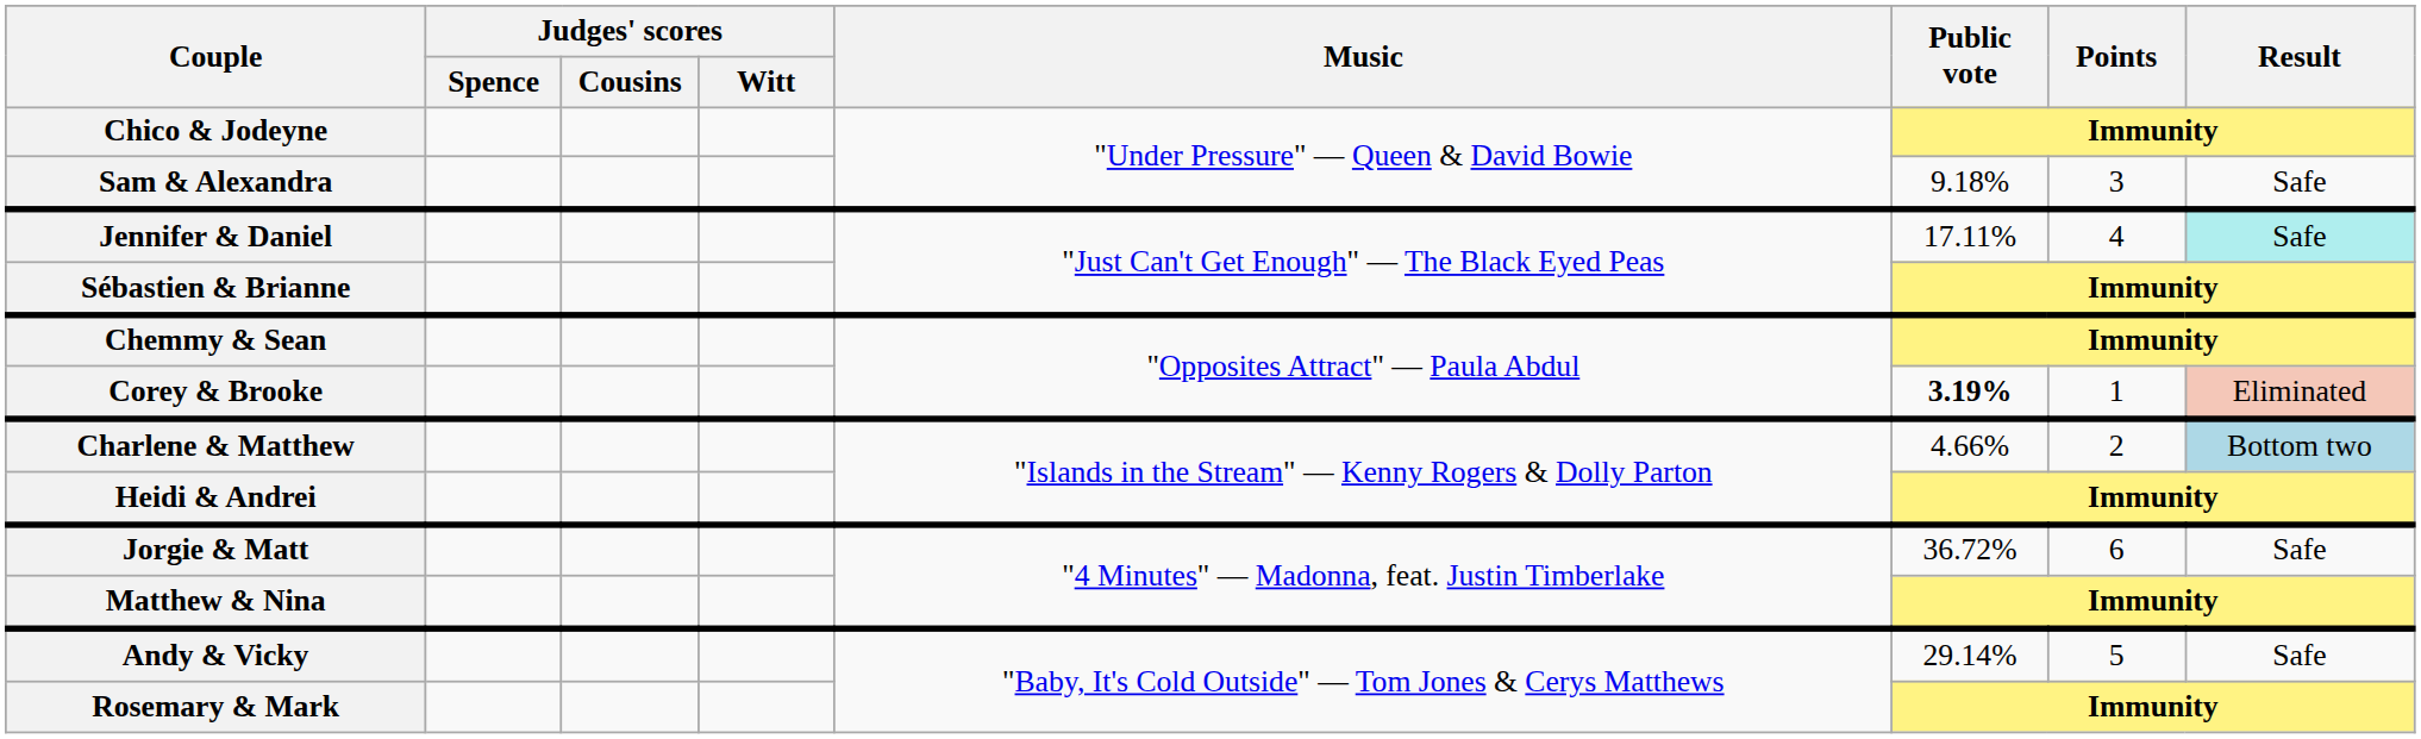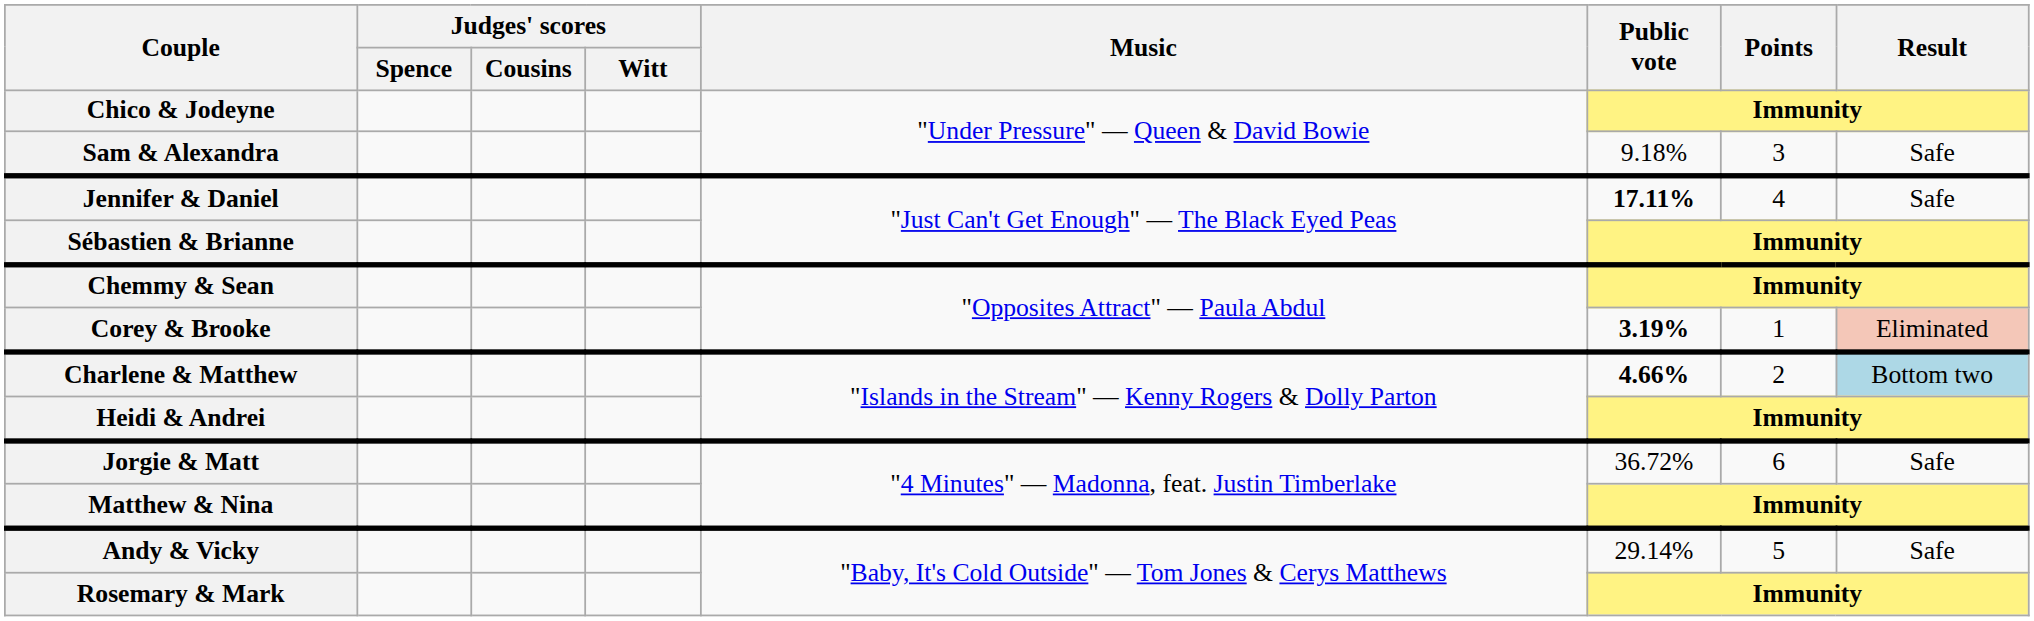 <table class="wikitable unsortable" style="text-align:center; font-size:90%; width:90%">
 <tr>
 <th scope="col" rowspan=2>Couple</th>
 <th scope="col" colspan=3>Judges' scores</th>
 <th scope="col" rowspan=2>Music</th>
 <th scope="col" rowspan=2>Public<br>vote</th>
 <th scope="col" rowspan=2>Points</th>
 <th scope="col" rowspan=2>Result</th>
 </tr>
 <tr>
 <th style="width:4em;">Spence</th>
 <th style="width:4em;">Cousins</th>
 <th style="width:4em;">Witt</th>
 </tr>
 <tr>
 <th scope="row">Chico & Jodeyne</th>
 <td></td>
 <td></td>
 <td></td>
 <td rowspan="2" scope="row">"<a href='#'>Under Pressure</a>" — <a href='#'>Queen</a> & <a href='#'>David Bowie</a></td>
 <td colspan="3" bgcolor="fff383"><strong>Immunity</strong></td>
 </tr>
 <tr>
 <th scope="row">Sam & Alexandra</th>
 <td></td>
 <td></td>
 <td></td>
 <td>9.18%</td>
 <td>3</td>
 <td>Safe</td>
 </tr>
 <tr style="border-top:3px solid">
 <th scope="row">Jennifer & Daniel</th>
 <td></td>
 <td></td>
 <td></td>
 <td rowspan="2" scope="row">"<a href='#'>Just Can't Get Enough</a>" — <a href='#'>The Black Eyed Peas</a></td>
-<td>17.11%</td>
+<td><strong>17.11%</strong></td>
 <td>4</td>
-<td style="background: paleturquoise;">Safe</td>
+<td>Safe</td>
 </tr>
 <tr>
 <th scope="row">Sébastien & Brianne</th>
 <td></td>
 <td></td>
 <td></td>
 <td colspan="3" bgcolor="fff383"><strong>Immunity</strong></td>
 </tr>
 <tr style="border-top:3px solid">
 <th scope="row">Chemmy & Sean</th>
 <td></td>
 <td></td>
 <td></td>
 <td rowspan="2" scope="row">"<a href='#'>Opposites Attract</a>" — <a href='#'>Paula Abdul</a></td>
 <td colspan="3" bgcolor="fff383"><strong>Immunity</strong></td>
 </tr>
 <tr>
 <th scope="row">Corey & Brooke</th>
 <td></td>
 <td></td>
 <td></td>
 <td><strong>3.19%</strong></td>
 <td>1</td>
 <td bgcolor=f4c7b8>Eliminated</td>
 </tr>
 <tr style="border-top:3px solid">
 <th scope="row">Charlene & Matthew</th>
 <td></td>
 <td></td>
 <td></td>
 <td rowspan="2" scope="row">"<a href='#'>Islands in the Stream</a>" — <a href='#'>Kenny Rogers</a> & <a href='#'>Dolly Parton</a></td>
-<td>4.66%</td>
+<td><strong>4.66%</strong></td>
 <td>2</td>
 <td bgcolor=lightblue>Bottom two</td>
 </tr>
 <tr>
 <th scope="row">Heidi & Andrei</th>
 <td></td>
 <td></td>
 <td></td>
 <td colspan="3" bgcolor="fff383"><strong>Immunity</strong></td>
 </tr>
 <tr style="border-top:3px solid">
 <th scope="row">Jorgie & Matt</th>
 <td></td>
 <td></td>
 <td></td>
 <td rowspan="2" scope="row">"<a href='#'>4 Minutes</a>" — <a href='#'>Madonna</a>, feat. <a href='#'>Justin Timberlake</a></td>
 <td>36.72%</td>
 <td>6</td>
 <td>Safe</td>
 </tr>
 <tr>
 <th scope="row">Matthew & Nina</th>
 <td></td>
 <td></td>
 <td></td>
 <td colspan="3" bgcolor="fff383"><strong>Immunity</strong></td>
 </tr>
 <tr style="border-top:3px solid">
 <th scope="row">Andy & Vicky</th>
 <td></td>
 <td></td>
 <td></td>
 <td rowspan="2" scope="row">"<a href='#'>Baby, It's Cold Outside</a>" — <a href='#'>Tom Jones</a> & <a href='#'>Cerys Matthews</a></td>
 <td>29.14%</td>
 <td>5</td>
 <td>Safe</td>
 </tr>
 <tr>
 <th scope="row">Rosemary & Mark</th>
 <td></td>
 <td></td>
 <td></td>
 <td colspan="3" bgcolor="fff383"><strong>Immunity</strong></td>
 </tr>
 </table>
